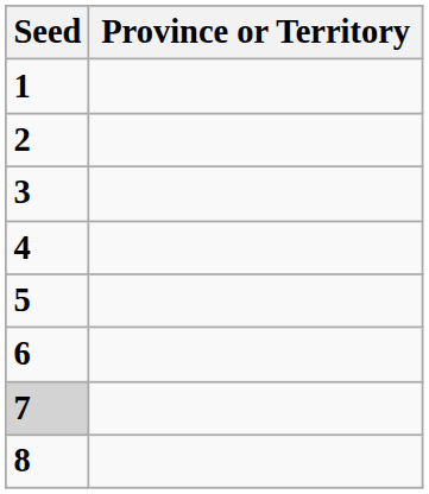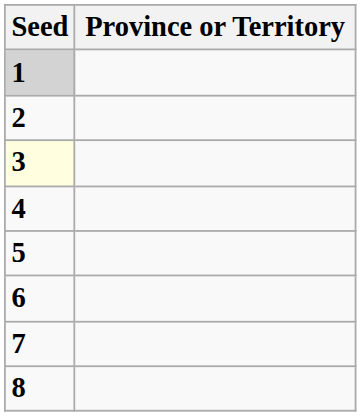 <table class="wikitable">
 <tr>
 <th width=20%><strong>Seed</strong></th>
 <th width=80%><strong>Province or Territory</strong></th>
 </tr>
 <tr 2>
-<td><strong>1</strong></td>
+<td style="background: lightgrey;"><strong>1</strong></td>
 <td></td>
 </tr>
 <tr>
 <td><strong>2</strong></td>
 <td></td>
 </tr>
 <tr>
-<td><strong>3</strong></td>
+<td style="background: lightyellow;"><strong>3</strong></td>
 <td></td>
 </tr>
 <tr>
 <td><strong>4</strong></td>
 <td></td>
 </tr>
 <tr>
 <td><strong>5</strong></td>
 <td></td>
 </tr>
 <tr>
 <td><strong>6</strong></td>
 <td></td>
 </tr>
 <tr>
-<td style="background: lightgrey;"><strong>7</strong></td>
+<td><strong>7</strong></td>
 <td></td>
 </tr>
 <tr>
 <td><strong>8</strong></td>
 <td></td>
 </tr>
 </table>
